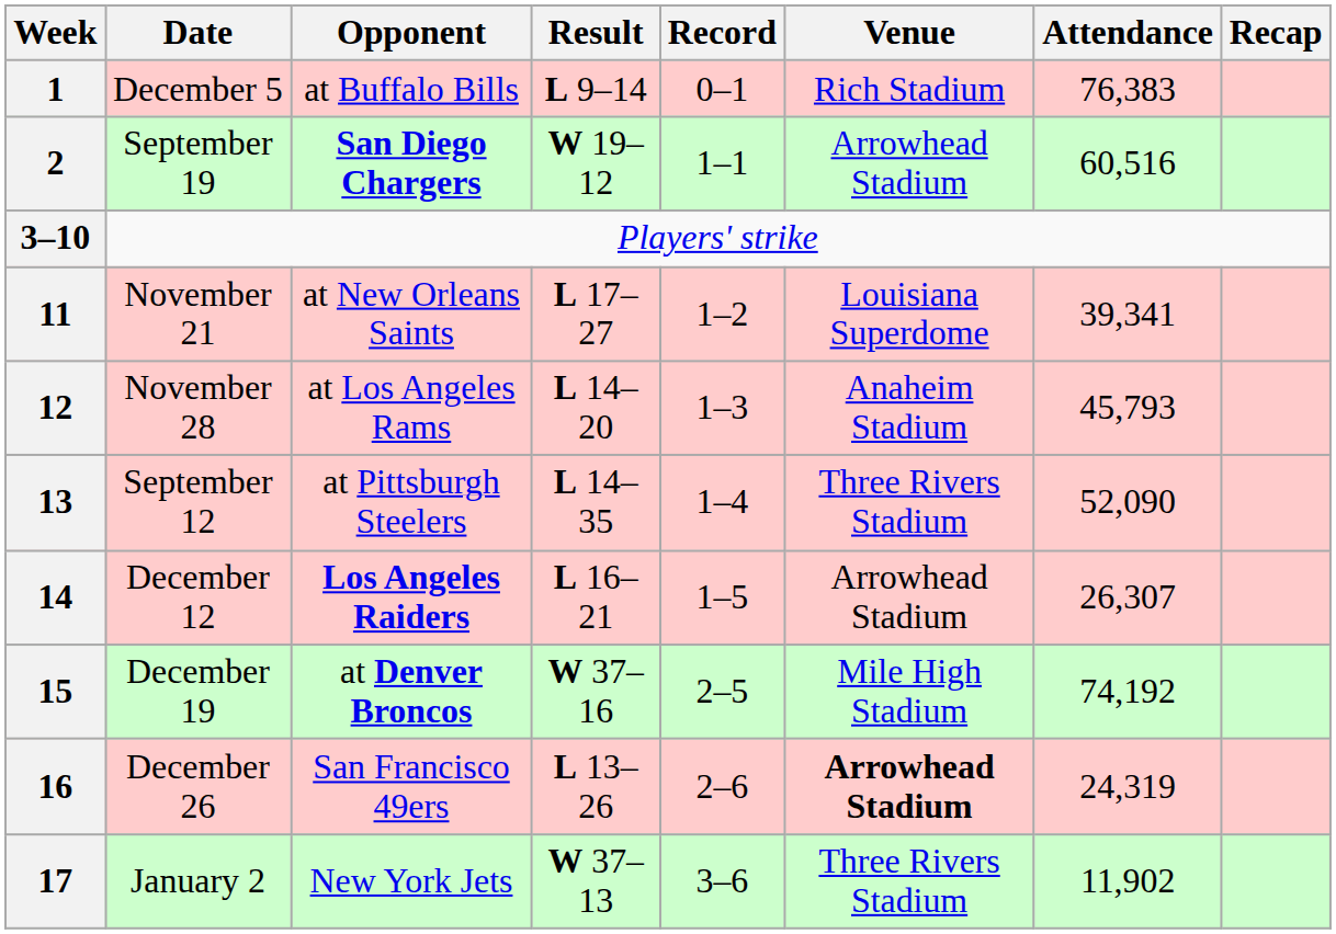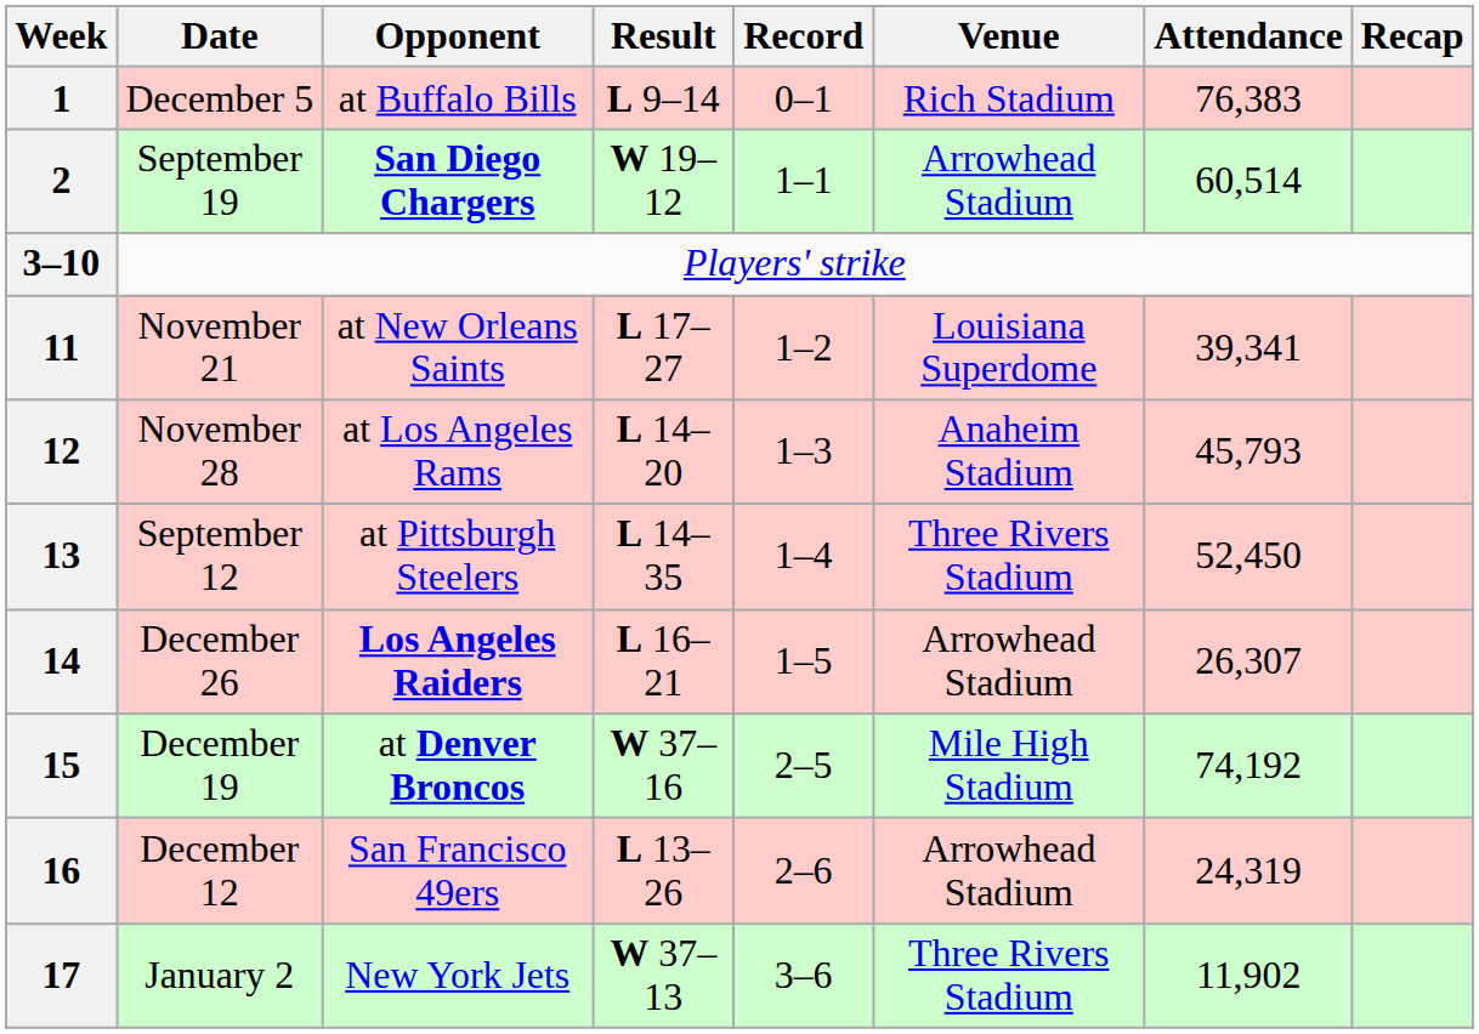 <table class="wikitable" style="text-align:center">
 <tr>
 <th>Week</th>
 <th>Date</th>
 <th>Opponent</th>
 <th>Result</th>
 <th>Record</th>
 <th>Venue</th>
 <th>Attendance</th>
 <th>Recap</th>
 </tr>
 <tr style="background:#fcc">
 <th>1</th>
 <td>December 5</td>
 <td>at <a href='#'>Buffalo Bills</a></td>
 <td><strong>L</strong> 9–14</td>
 <td>0–1</td>
 <td><a href='#'>Rich Stadium</a></td>
 <td>76,383</td>
 <td></td>
 </tr>
 <tr style="background:#cfc">
 <th>2</th>
 <td>September 19</td>
 <td><strong><a href='#'>San Diego Chargers</a></strong></td>
 <td><strong>W</strong> 19–12</td>
 <td>1–1</td>
 <td><a href='#'>Arrowhead Stadium</a></td>
-<td>60,516</td>
+<td>60,514</td>
 <td></td>
 </tr>
 <tr>
 <th>3–10</th>
 <td colspan="7"><em><a href='#'>Players' strike</a></em></td>
 </tr>
 <tr style="background:#fcc">
 <th>11</th>
 <td>November 21</td>
 <td>at <a href='#'>New Orleans Saints</a></td>
 <td><strong>L</strong> 17–27</td>
 <td>1–2</td>
 <td><a href='#'>Louisiana Superdome</a></td>
 <td>39,341</td>
 <td></td>
 </tr>
 <tr style="background:#fcc">
 <th>12</th>
 <td>November 28</td>
 <td>at <a href='#'>Los Angeles Rams</a></td>
 <td><strong>L</strong> 14–20</td>
 <td>1–3</td>
 <td><a href='#'>Anaheim Stadium</a></td>
 <td>45,793</td>
 <td></td>
 </tr>
 <tr style="background:#fcc">
 <th>13</th>
 <td>September 12</td>
 <td>at <a href='#'>Pittsburgh Steelers</a></td>
 <td><strong>L</strong> 14–35</td>
 <td>1–4</td>
 <td><a href='#'>Three Rivers Stadium</a></td>
-<td>52,090</td>
+<td>52,450</td>
 <td></td>
 </tr>
 <tr style="background:#fcc">
 <th>14</th>
-<td>December 12</td>
+<td>December 26</td>
 <td><strong><a href='#'>Los Angeles Raiders</a></strong></td>
 <td><strong>L</strong> 16–21</td>
 <td>1–5</td>
 <td>Arrowhead Stadium</td>
 <td>26,307</td>
 <td></td>
 </tr>
 <tr style="background:#cfc">
 <th>15</th>
 <td>December 19</td>
 <td>at <strong><a href='#'>Denver Broncos</a></strong></td>
 <td><strong>W</strong> 37–16</td>
 <td>2–5</td>
 <td><a href='#'>Mile High Stadium</a></td>
 <td>74,192</td>
 <td></td>
 </tr>
 <tr style="background:#fcc">
 <th>16</th>
-<td>December 26</td>
+<td>December 12</td>
 <td><a href='#'>San Francisco 49ers</a></td>
 <td><strong>L</strong> 13–26</td>
 <td>2–6</td>
-<td><strong>Arrowhead Stadium</strong></td>
+<td>Arrowhead Stadium</td>
 <td>24,319</td>
 <td></td>
 </tr>
 <tr style="background:#cfc">
 <th>17</th>
 <td>January 2</td>
 <td><a href='#'>New York Jets</a></td>
 <td><strong>W</strong> 37–13</td>
 <td>3–6</td>
 <td><a href='#'>Three Rivers Stadium</a></td>
 <td>11,902</td>
 <td></td>
 </tr>
 </table>
